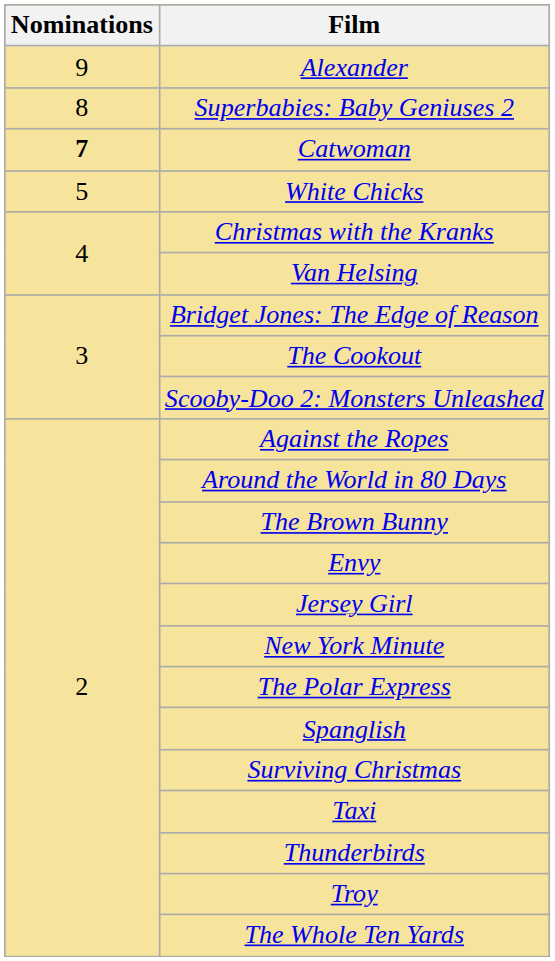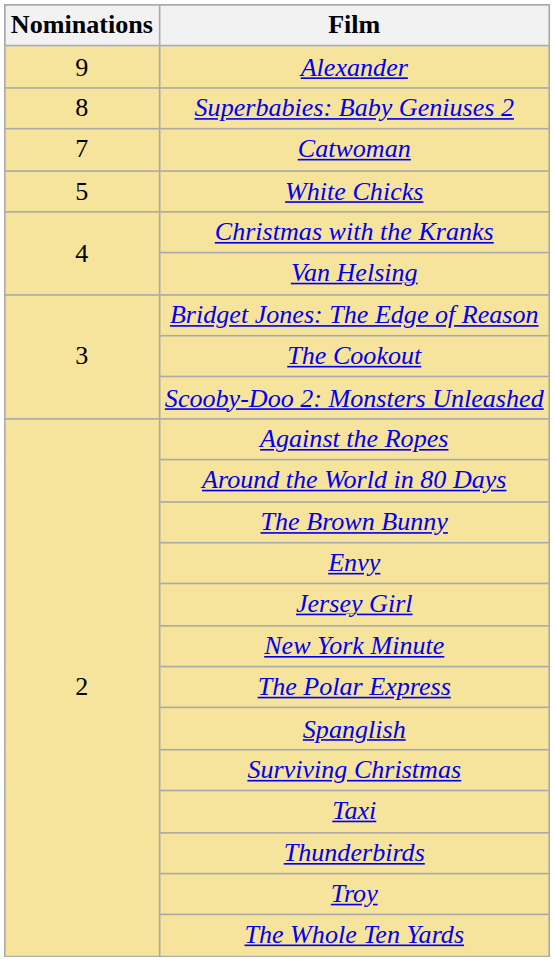 <table class="wikitable sortable" rowspan=2 style="text-align: center; background: #f6e39c">
 <tr>
 <th scope="col" width="55">Nominations</th>
 <th scope="col" align="center">Film</th>
 </tr>
 <tr>
 <td>9</td>
 <td><em><a href='#'>Alexander</a></em></td>
 </tr>
 <tr>
 <td>8</td>
 <td><em><a href='#'>Superbabies: Baby Geniuses 2</a></em></td>
 </tr>
 <tr>
-<td><strong>7</strong></td>
+<td>7</td>
 <td><em><a href='#'>Catwoman</a></em></td>
 </tr>
 <tr>
 <td>5</td>
 <td><em><a href='#'>White Chicks</a></em></td>
 </tr>
 <tr>
 <td rowspan="2" style="text-align:center">4</td>
 <td><em><a href='#'>Christmas with the Kranks</a></em></td>
 </tr>
 <tr>
 <td><em><a href='#'>Van Helsing</a></em></td>
 </tr>
 <tr>
 <td rowspan="3" style="text-align:center">3</td>
 <td><em><a href='#'>Bridget Jones: The Edge of Reason</a></em></td>
 </tr>
 <tr>
 <td><em><a href='#'>The Cookout</a></em></td>
 </tr>
 <tr>
 <td><em><a href='#'>Scooby-Doo 2: Monsters Unleashed</a></em></td>
 </tr>
 <tr>
 <td rowspan="13" style="text-align:center">2</td>
 <td><em><a href='#'>Against the Ropes</a></em></td>
 </tr>
 <tr>
 <td><em><a href='#'>Around the World in 80 Days</a></em></td>
 </tr>
 <tr>
 <td><em><a href='#'>The Brown Bunny</a></em></td>
 </tr>
 <tr>
 <td><em><a href='#'>Envy</a></em></td>
 </tr>
 <tr>
 <td><em><a href='#'>Jersey Girl</a></em></td>
 </tr>
 <tr>
 <td><em><a href='#'>New York Minute</a></em></td>
 </tr>
 <tr>
 <td><em><a href='#'>The Polar Express</a></em></td>
 </tr>
 <tr>
 <td><em><a href='#'>Spanglish</a></em></td>
 </tr>
 <tr>
 <td><em><a href='#'>Surviving Christmas</a></em></td>
 </tr>
 <tr>
 <td><em><a href='#'>Taxi</a></em></td>
 </tr>
 <tr>
 <td><em><a href='#'>Thunderbirds</a></em></td>
 </tr>
 <tr>
 <td><em><a href='#'>Troy</a></em></td>
 </tr>
 <tr>
 <td><em><a href='#'>The Whole Ten Yards</a></em></td>
 </tr>
 <tr>
 </tr>
 </table>
